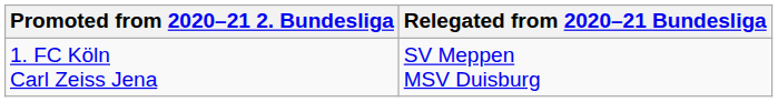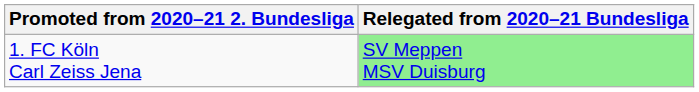 <table class="wikitable">
 <tr>
 <th>Promoted from <a href='#'>2020–21 2. Bundesliga</a></th>
 <th>Relegated from <a href='#'>2020–21 Bundesliga</a></th>
 </tr>
 <tr>
 <td><a href='#'>1. FC Köln</a><br><a href='#'>Carl Zeiss Jena</a></td>
-<td><a href='#'>SV Meppen</a><br><a href='#'>MSV Duisburg</a></td>
+<td style="background: lightgreen;"><a href='#'>SV Meppen</a><br><a href='#'>MSV Duisburg</a></td>
 </tr>
 </table>
